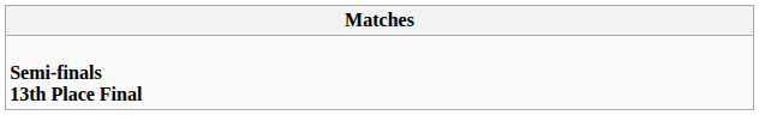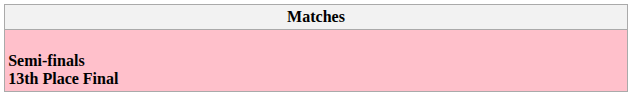 <table class="wikitable collapsible collapsed" style="width:100%;">
 <tr>
 <th>Matches</th>
 </tr>
 <tr>
-<td><br><strong>Semi-finals</strong>  <br><strong>13th Place Final</strong> </td>
+<td style="background: pink;"><br><strong>Semi-finals</strong>  <br><strong>13th Place Final</strong> </td>
 </tr>
 </table>
